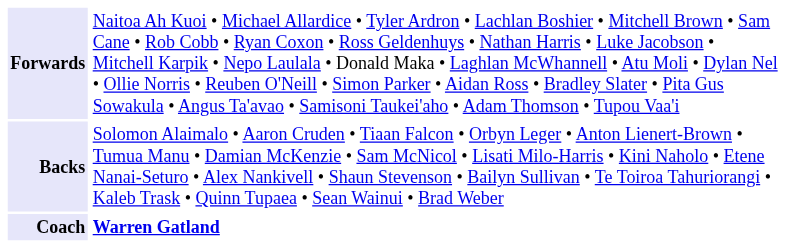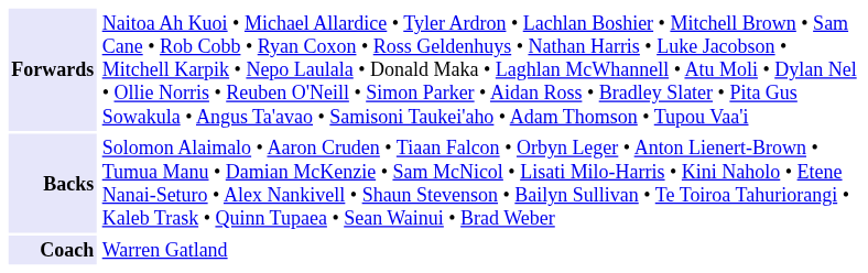 <table cellpadding="2" style="border: 1px solid white; font-size:90%">
 <tr>
 <td style="text-align:right;" bgcolor="lavender"><strong>Forwards</strong></td>
 <td style="text-align:left;"><a href='#'>Naitoa Ah Kuoi</a> • <a href='#'>Michael Allardice</a> • <a href='#'>Tyler Ardron</a> • <a href='#'>Lachlan Boshier</a> • <a href='#'>Mitchell Brown</a> • <a href='#'>Sam Cane</a> • <a href='#'>Rob Cobb</a> • <a href='#'>Ryan Coxon</a> • <a href='#'>Ross Geldenhuys</a> • <a href='#'>Nathan Harris</a> • <a href='#'>Luke Jacobson</a> • <a href='#'>Mitchell Karpik</a> • <a href='#'>Nepo Laulala</a> • Donald Maka • <a href='#'>Laghlan McWhannell</a> • <a href='#'>Atu Moli</a> • <a href='#'>Dylan Nel</a> • <a href='#'>Ollie Norris</a> • <a href='#'>Reuben O'Neill</a> • <a href='#'>Simon Parker</a> • <a href='#'>Aidan Ross</a> • <a href='#'>Bradley Slater</a> • <a href='#'>Pita Gus Sowakula</a> • <a href='#'>Angus Ta'avao</a> • <a href='#'>Samisoni Taukei'aho</a> • <a href='#'>Adam Thomson</a> • <a href='#'>Tupou Vaa'i</a></td>
 </tr>
 <tr>
 <td style="text-align:right;" bgcolor="lavender"><strong>Backs</strong></td>
 <td style="text-align:left;"><a href='#'>Solomon Alaimalo</a> • <a href='#'>Aaron Cruden</a> • <a href='#'>Tiaan Falcon</a> • <a href='#'>Orbyn Leger</a> • <a href='#'>Anton Lienert-Brown</a> • <a href='#'>Tumua Manu</a> • <a href='#'>Damian McKenzie</a> • <a href='#'>Sam McNicol</a> • <a href='#'>Lisati Milo-Harris</a> • <a href='#'>Kini Naholo</a> • <a href='#'>Etene Nanai-Seturo</a> • <a href='#'>Alex Nankivell</a> • <a href='#'>Shaun Stevenson</a> • <a href='#'>Bailyn Sullivan</a> • <a href='#'>Te Toiroa Tahuriorangi</a> • <a href='#'>Kaleb Trask</a> • <a href='#'>Quinn Tupaea</a> • <a href='#'>Sean Wainui</a> • <a href='#'>Brad Weber</a></td>
 </tr>
 <tr>
 <td style="text-align:right;" bgcolor="lavender"><strong>Coach</strong></td>
-<td style="text-align:left;"><strong><a href='#'>Warren Gatland</a></strong></td>
+<td style="text-align:left;"><a href='#'>Warren Gatland</a></td>
 </tr>
 </table>
